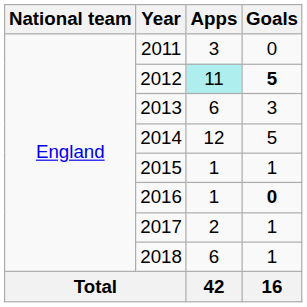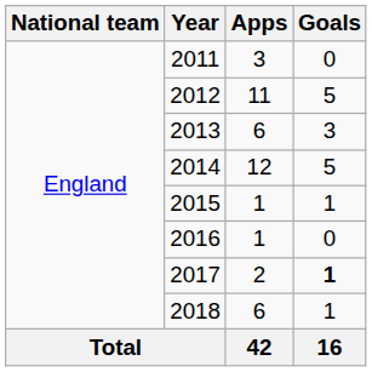 <table class="wikitable" style="text-align: center;">
 <tr>
 <th>National team</th>
 <th>Year</th>
 <th>Apps</th>
 <th>Goals</th>
 </tr>
 <tr>
 <td rowspan="8"><a href='#'>England</a></td>
 <td>2011</td>
 <td>3</td>
 <td>0</td>
 </tr>
 <tr>
 <td>2012</td>
-<td style="background: paleturquoise;">11</td>
-<td><strong>5</strong></td>
+<td>11</td>
+<td>5</td>
 </tr>
 <tr>
 <td>2013</td>
 <td>6</td>
 <td>3</td>
 </tr>
 <tr>
 <td>2014</td>
 <td>12</td>
 <td>5</td>
 </tr>
 <tr>
 <td>2015</td>
 <td>1</td>
 <td>1</td>
 </tr>
 <tr>
 <td>2016</td>
 <td>1</td>
-<td><strong>0</strong></td>
+<td>0</td>
 </tr>
 <tr>
 <td>2017</td>
 <td>2</td>
-<td>1</td>
+<td><strong>1</strong></td>
 </tr>
 <tr>
 <td>2018</td>
 <td>6</td>
 <td>1</td>
 </tr>
 <tr>
 <th colspan="2">Total</th>
 <th>42</th>
 <th>16</th>
 </tr>
 </table>
